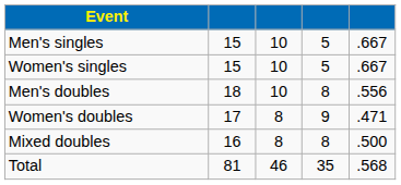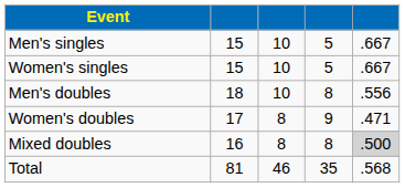 <table class="wikitable" style="text-align:center">
 <tr>
 <th style="background:#006bb6; color:#fff200" width="200px">Event</th>
 <th style="background:#006bb6; color:#fff200" width="40px"></th>
 <th style="background:#006bb6; color:#fff200" width="40px"></th>
 <th style="background:#006bb6; color:#fff200" width="40px"></th>
 <th style="background:#006bb6; color:#fff200" width="40px"></th>
 </tr>
 <tr>
 <td style="text-align:left">Men's singles</td>
 <td>15</td>
 <td>10</td>
 <td>5</td>
 <td>.667</td>
 </tr>
 <tr>
 <td style="text-align:left">Women's singles</td>
 <td>15</td>
 <td>10</td>
 <td>5</td>
 <td>.667</td>
 </tr>
 <tr>
 <td style="text-align:left">Men's doubles</td>
 <td>18</td>
 <td>10</td>
 <td>8</td>
 <td>.556</td>
 </tr>
 <tr>
 <td style="text-align:left">Women's doubles</td>
 <td>17</td>
 <td>8</td>
 <td>9</td>
 <td>.471</td>
 </tr>
 <tr>
 <td style="text-align:left">Mixed doubles</td>
 <td>16</td>
 <td>8</td>
 <td>8</td>
-<td>.500</td>
+<td style="background: lightgrey;">.500</td>
 </tr>
 <tr>
 <td style="text-align:left">Total</td>
 <td>81</td>
 <td>46</td>
 <td>35</td>
 <td>.568</td>
 </tr>
 </table>
